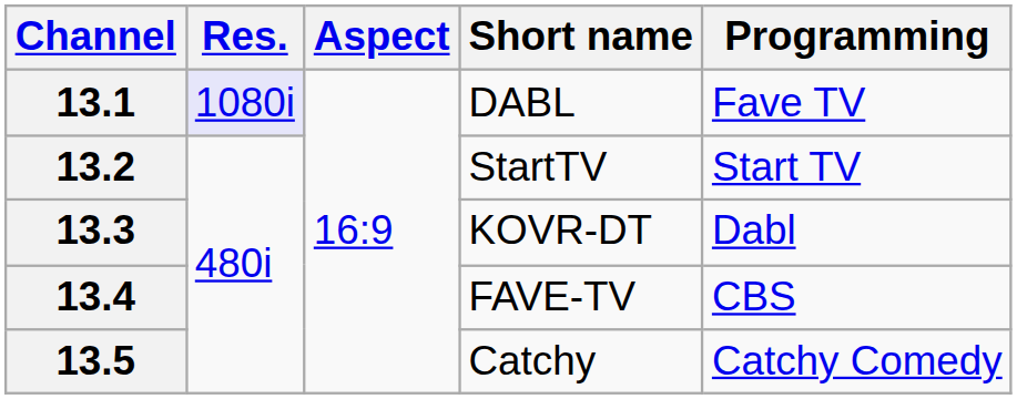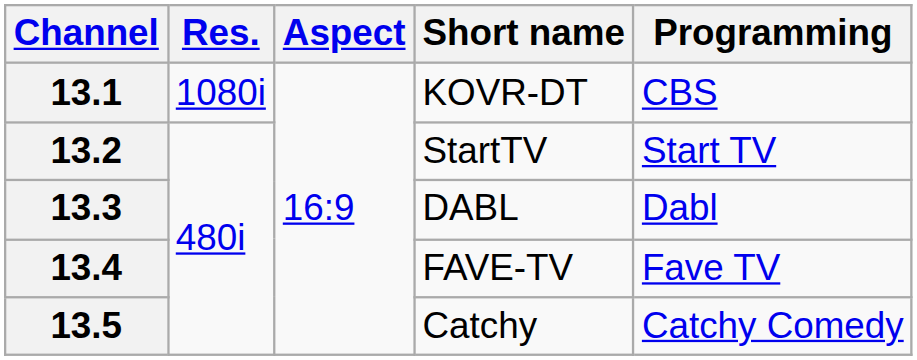 <table class="wikitable">
 <tr>
 <th scope = "col"><a href='#'>Channel</a></th>
 <th scope = "col"><a href='#'>Res.</a></th>
 <th scope = "col"><a href='#'>Aspect</a></th>
 <th scope = "col">Short name</th>
 <th scope = "col">Programming</th>
 </tr>
 <tr>
 <th scope = "row">13.1</th>
-<td style="background: lavender;"><a href='#'>1080i</a></td>
+<td><a href='#'>1080i</a></td>
 <td rowspan="5"><a href='#'>16:9</a></td>
-<td>DABL</td>
-<td><a href='#'>Fave TV</a></td>
+<td>KOVR-DT</td>
+<td><a href='#'>CBS</a></td>
 </tr>
 <tr>
 <th scope = "row">13.2</th>
 <td rowspan="4"><a href='#'>480i</a></td>
 <td>StartTV</td>
 <td><a href='#'>Start TV</a></td>
 </tr>
 <tr>
 <th scope = "row">13.3</th>
-<td>KOVR-DT</td>
+<td>DABL</td>
 <td><a href='#'>Dabl</a></td>
 </tr>
 <tr>
 <th scope = "row">13.4</th>
 <td>FAVE-TV</td>
-<td><a href='#'>CBS</a></td>
+<td><a href='#'>Fave TV</a></td>
 </tr>
 <tr>
 <th scope = "row">13.5</th>
 <td>Catchy</td>
 <td><a href='#'>Catchy Comedy</a></td>
 </tr>
 </table>
